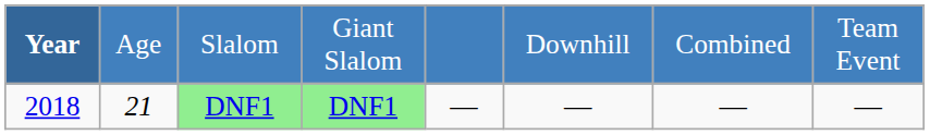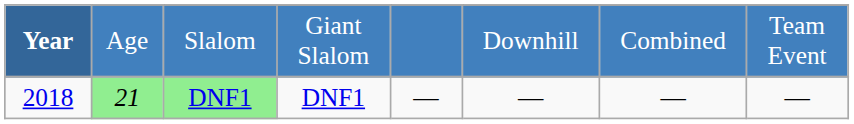 <table class="wikitable" style="font-size:95%; text-align:center; border:grey solid 1px; border-collapse:collapse;" width="40%">
 <tr style="background-color:#369; color:white;">
 <td rowspan="2" colspan="1" width="4%"><strong>Year</strong></td>
 </tr>
 <tr style="background-color:#4180be; color:white;">
 <td width="3%">Age</td>
 <td width="5%">Slalom</td>
 <td width="5%">Giant<br>Slalom</td>
 <td width="5%"></td>
 <td width="5%">Downhill</td>
 <td width="5%">Combined</td>
 <td width="5%">Team Event</td>
 </tr>
 <tr style="background-color:#8CB2D8; color:white;">
 </tr>
 <tr>
 <td><a href='#'>2018</a></td>
-<td><em>21</em></td>
+<td style="background: lightgreen;"><em>21</em></td>
 <td style="background: lightgreen;"><a href='#'>DNF1</a></td>
-<td style="background: lightgreen;"><a href='#'>DNF1</a></td>
+<td><a href='#'>DNF1</a></td>
 <td>—</td>
 <td>—</td>
 <td>—</td>
 <td>—</td>
 </tr>
 </table>
